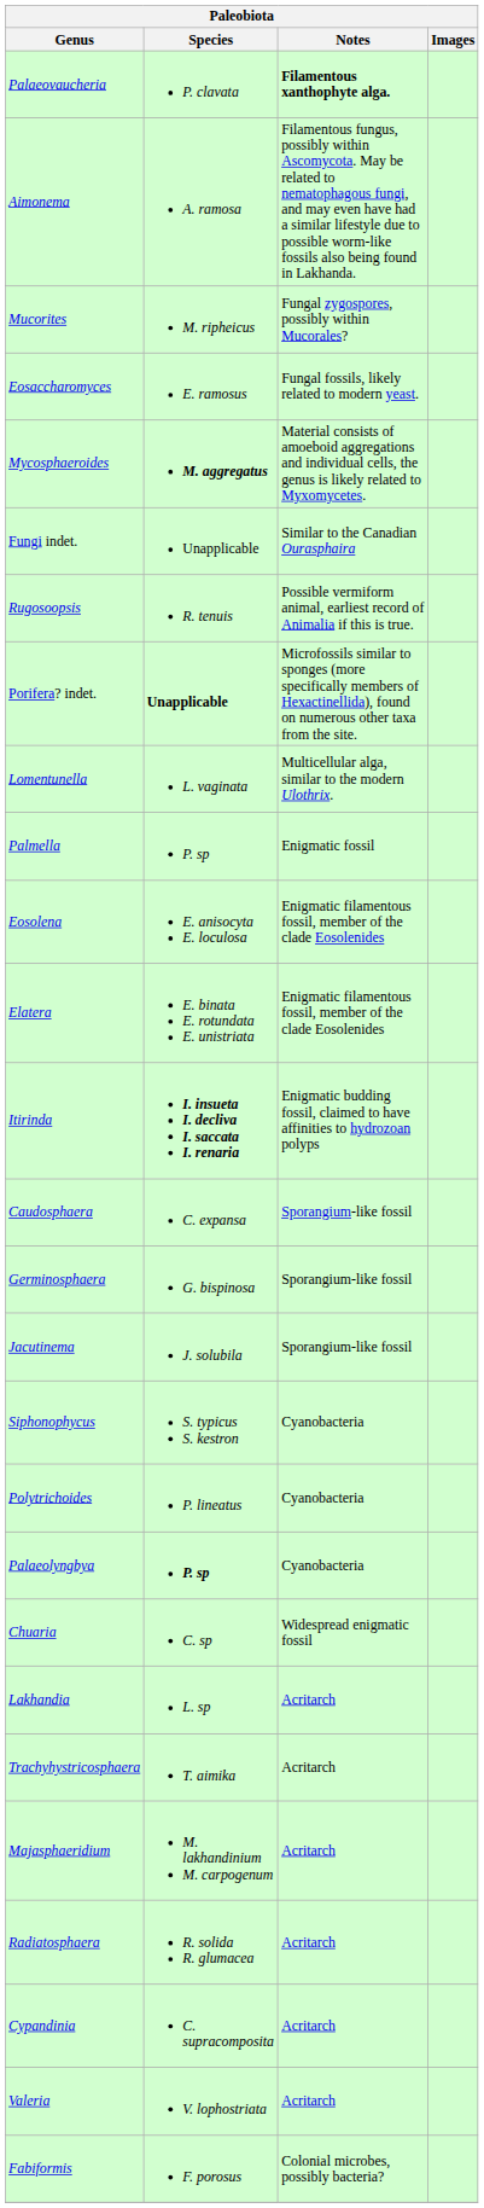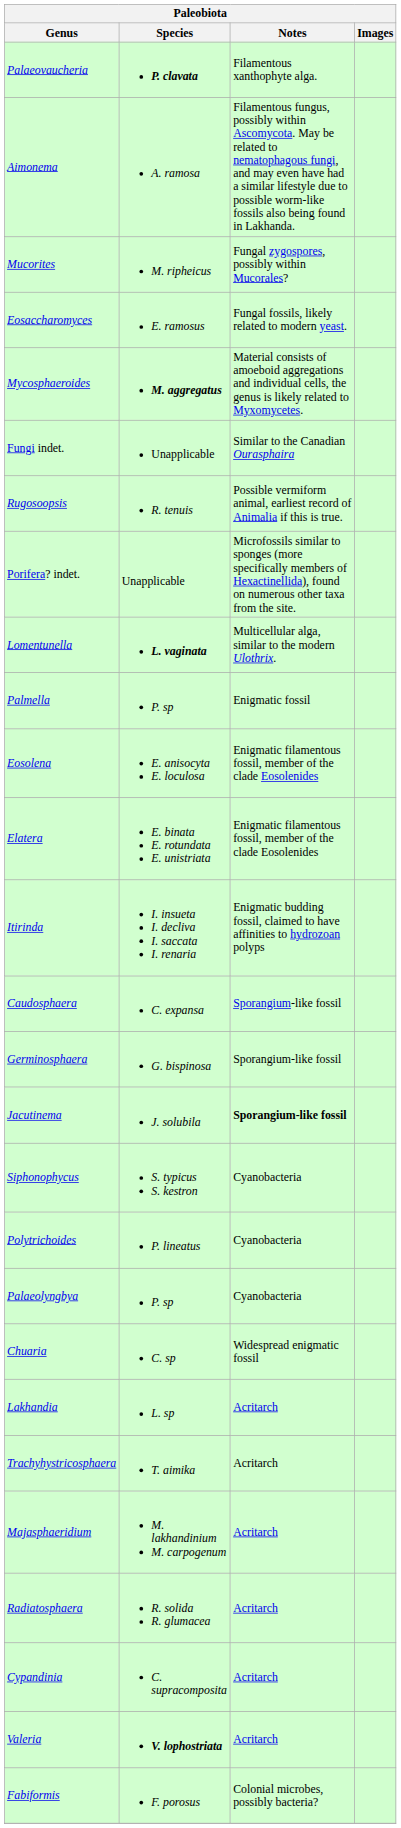 <table class="wikitable sortable" style="background:white; width:60%;">
 <tr>
 <th colspan="5" align="center">Paleobiota</th>
 </tr>
 <tr>
 <th>Genus</th>
 <th>Species</th>
 <th>Notes</th>
 <th>Images</th>
 </tr>
 <tr>
 <td style="background:#D1FFCF;"><em><a href='#'>Palaeovaucheria</a></em></td>
-<td style="background:#D1FFCF;"><br><ul><li><em>P. clavata</em></li></ul></td>
-<td style="background:#D1FFCF;"><strong>Filamentous xanthophyte alga.</strong></td>
+<td style="background:#D1FFCF;"><strong><br><ul><li><em>P. clavata</em></li></ul></strong></td>
+<td style="background:#D1FFCF;">Filamentous xanthophyte alga.</td>
 <td style="background:#D1FFCF;"></td>
 </tr>
 <tr>
 <td style="background:#D1FFCF;"><em><a href='#'>Aimonema</a></em></td>
 <td style="background:#D1FFCF;"><br><ul><li><em>A. ramosa</em></li></ul></td>
 <td style="background:#D1FFCF;">Filamentous fungus, possibly within <a href='#'>Ascomycota</a>. May be related to <a href='#'>nematophagous fungi</a>, and may even have had a similar lifestyle due to possible worm-like fossils also being found in Lakhanda.</td>
 <td style="background:#D1FFCF;"></td>
 </tr>
 <tr>
 <td style="background:#D1FFCF;"><em><a href='#'>Mucorites</a></em></td>
 <td style="background:#D1FFCF;"><br><ul><li><em>M. ripheicus</em></li></ul></td>
 <td style="background:#D1FFCF;">Fungal <a href='#'>zygospores</a>, possibly within <a href='#'>Mucorales</a>?</td>
 <td style="background:#D1FFCF;"></td>
 </tr>
 <tr>
 <td style="background:#D1FFCF;"><em><a href='#'>Eosaccharomyces</a></em></td>
 <td style="background:#D1FFCF;"><br><ul><li><em>E. ramosus</em></li></ul></td>
 <td style="background:#D1FFCF;">Fungal fossils, likely related to modern <a href='#'>yeast</a>.</td>
 <td style="background:#D1FFCF;"></td>
 </tr>
 <tr>
 <td style="background:#D1FFCF;"><em><a href='#'>Mycosphaeroides</a></em></td>
 <td style="background:#D1FFCF;"><strong><br><ul><li><em>M. aggregatus</em></li></ul></strong></td>
 <td style="background:#D1FFCF;">Material consists of amoeboid aggregations and individual cells, the genus is likely related to <a href='#'>Myxomycetes</a>.</td>
 <td style="background:#D1FFCF;"></td>
 </tr>
 <tr>
 <td style="background:#D1FFCF;"><a href='#'>Fungi</a> indet.</td>
 <td style="background:#D1FFCF;"><br><ul><li>Unapplicable</li></ul></td>
 <td style="background:#D1FFCF;">Similar to the Canadian <em><a href='#'>Ourasphaira</a></em></td>
 <td style="background:#D1FFCF;"></td>
 </tr>
 <tr>
 <td style="background:#D1FFCF;"><em><a href='#'>Rugosoopsis</a></em></td>
 <td style="background:#D1FFCF;"><br><ul><li><em>R. tenuis</em></li></ul></td>
 <td style="background:#D1FFCF;">Possible vermiform animal, earliest record of <a href='#'>Animalia</a> if this is true.</td>
 <td style="background:#D1FFCF;"></td>
 </tr>
 <tr>
 <td style="background:#D1FFCF;"><a href='#'>Porifera</a>? indet.</td>
-<td style="background:#D1FFCF;"><strong><br>Unapplicable</strong></td>
+<td style="background:#D1FFCF;"><br>Unapplicable</td>
 <td style="background:#D1FFCF;">Microfossils similar to sponges (more specifically members of <a href='#'>Hexactinellida</a>), found on numerous other taxa from the site.</td>
 <td style="background:#D1FFCF;"></td>
 </tr>
 <tr>
 <td style="background:#D1FFCF;"><em><a href='#'>Lomentunella</a></em></td>
-<td style="background:#D1FFCF;"><br><ul><li><em>L. vaginata</em></li></ul></td>
+<td style="background:#D1FFCF;"><strong><br><ul><li><em>L. vaginata</em></li></ul></strong></td>
 <td style="background:#D1FFCF;">Multicellular alga, similar to the modern <em><a href='#'>Ulothrix</a></em>.</td>
 <td style="background:#D1FFCF;"></td>
 </tr>
 <tr>
 <td style="background:#D1FFCF;"><em><a href='#'>Palmella</a></em></td>
 <td style="background:#D1FFCF;"><br><ul><li><em>P. sp</em></li></ul></td>
 <td style="background:#D1FFCF;">Enigmatic fossil</td>
 <td style="background:#D1FFCF;"></td>
 </tr>
 <tr>
 <td style="background:#D1FFCF;"><em><a href='#'>Eosolena</a></em></td>
 <td style="background:#D1FFCF;"><br><ul><li><em>E. anisocyta</em></li><li><em>E. loculosa</em></li></ul></td>
 <td style="background:#D1FFCF;">Enigmatic filamentous fossil, member of the clade <a href='#'>Eosolenides</a></td>
 <td style="background:#D1FFCF;"></td>
 </tr>
 <tr>
 <td style="background:#D1FFCF;"><em><a href='#'>Elatera</a></em></td>
 <td style="background:#D1FFCF;"><br><ul><li><em>E. binata</em></li><li><em>E. rotundata</em></li><li><em>E. unistriata</em></li></ul></td>
 <td style="background:#D1FFCF;">Enigmatic filamentous fossil, member of the clade Eosolenides</td>
 <td style="background:#D1FFCF;"></td>
 </tr>
 <tr>
 <td style="background:#D1FFCF;"><em><a href='#'>Itirinda</a></em></td>
-<td style="background:#D1FFCF;"><strong><br><ul><li><em>I. insueta</em></li><li><em>I. decliva</em></li><li><em>I. saccata</em></li><li><em>I. renaria</em></li></ul></strong></td>
+<td style="background:#D1FFCF;"><br><ul><li><em>I. insueta</em></li><li><em>I. decliva</em></li><li><em>I. saccata</em></li><li><em>I. renaria</em></li></ul></td>
 <td style="background:#D1FFCF;">Enigmatic budding fossil, claimed to have affinities to <a href='#'>hydrozoan</a> polyps</td>
 <td style="background:#D1FFCF;"></td>
 </tr>
 <tr>
 <td style="background:#D1FFCF;"><em><a href='#'>Caudosphaera</a></em></td>
 <td style="background:#D1FFCF;"><br><ul><li><em>C. expansa</em></li></ul></td>
 <td style="background:#D1FFCF;"><a href='#'>Sporangium</a>-like fossil</td>
 <td style="background:#D1FFCF;"></td>
 </tr>
 <tr>
 <td style="background:#D1FFCF;"><em><a href='#'>Germinosphaera</a></em></td>
 <td style="background:#D1FFCF;"><br><ul><li><em>G. bispinosa</em></li></ul></td>
 <td style="background:#D1FFCF;">Sporangium-like fossil</td>
 <td style="background:#D1FFCF;"></td>
 </tr>
 <tr>
 <td style="background:#D1FFCF;"><em><a href='#'>Jacutinema</a></em></td>
 <td style="background:#D1FFCF;"><br><ul><li><em>J. solubila</em></li></ul></td>
-<td style="background:#D1FFCF;">Sporangium-like fossil</td>
+<td style="background:#D1FFCF;"><strong>Sporangium-like fossil</strong></td>
 <td style="background:#D1FFCF;"></td>
 </tr>
 <tr>
 <td style="background:#D1FFCF;"><em><a href='#'>Siphonophycus</a></em></td>
 <td style="background:#D1FFCF;"><br><ul><li><em>S. typicus</em></li><li><em>S. kestron</em></li></ul></td>
 <td style="background:#D1FFCF;">Cyanobacteria</td>
 <td style="background:#D1FFCF;"></td>
 </tr>
 <tr>
 <td style="background:#D1FFCF;"><em><a href='#'>Polytrichoides</a></em></td>
 <td style="background:#D1FFCF;"><br><ul><li><em>P. lineatus</em></li></ul></td>
 <td style="background:#D1FFCF;">Cyanobacteria</td>
 <td style="background:#D1FFCF;"></td>
 </tr>
 <tr>
 <td style="background:#D1FFCF;"><em><a href='#'>Palaeolyngbya</a></em></td>
-<td style="background:#D1FFCF;"><strong><br><ul><li><em>P. sp</em></li></ul></strong></td>
+<td style="background:#D1FFCF;"><br><ul><li><em>P. sp</em></li></ul></td>
 <td style="background:#D1FFCF;">Cyanobacteria</td>
 <td style="background:#D1FFCF;"></td>
 </tr>
 <tr>
 <td style="background:#D1FFCF;"><em><a href='#'>Chuaria</a></em></td>
 <td style="background:#D1FFCF;"><br><ul><li><em>C. sp</em></li></ul></td>
 <td style="background:#D1FFCF;">Widespread enigmatic fossil</td>
 <td style="background:#D1FFCF;"></td>
 </tr>
 <tr>
 <td style="background:#D1FFCF;"><em><a href='#'>Lakhandia</a></em></td>
 <td style="background:#D1FFCF;"><br><ul><li><em>L. sp</em></li></ul></td>
 <td style="background:#D1FFCF;"><a href='#'>Acritarch</a></td>
 <td style="background:#D1FFCF;"></td>
 </tr>
 <tr>
 <td style="background:#D1FFCF;"><em><a href='#'>Trachyhystricosphaera</a></em></td>
 <td style="background:#D1FFCF;"><br><ul><li><em>T. aimika</em></li></ul></td>
 <td style="background:#D1FFCF;">Acritarch</td>
 <td style="background:#D1FFCF;"></td>
 </tr>
 <tr>
 <td style="background:#D1FFCF;"><em><a href='#'>Majasphaeridium</a></em></td>
 <td style="background:#D1FFCF;"><br><ul><li><em>M. lakhandinium</em></li><li><em>M. carpogenum</em></li></ul></td>
 <td style="background:#D1FFCF;"><a href='#'>Acritarch</a></td>
 <td style="background:#D1FFCF;"></td>
 </tr>
 <tr>
 <td style="background:#D1FFCF;"><em><a href='#'>Radiatosphaera</a></em></td>
 <td style="background:#D1FFCF;"><br><ul><li><em>R. solida</em></li><li><em>R. glumacea</em></li></ul></td>
 <td style="background:#D1FFCF;"><a href='#'>Acritarch</a></td>
 <td style="background:#D1FFCF;"></td>
 </tr>
 <tr>
 <td style="background:#D1FFCF;"><em><a href='#'>Cypandinia</a></em></td>
 <td style="background:#D1FFCF;"><br><ul><li><em>C. supracomposita</em></li></ul></td>
 <td style="background:#D1FFCF;"><a href='#'>Acritarch</a></td>
 <td style="background:#D1FFCF;"></td>
 </tr>
 <tr>
 <td style="background:#D1FFCF;"><em><a href='#'>Valeria</a></em></td>
-<td style="background:#D1FFCF;"><br><ul><li><em>V. lophostriata</em></li></ul></td>
+<td style="background:#D1FFCF;"><strong><br><ul><li><em>V. lophostriata</em></li></ul></strong></td>
 <td style="background:#D1FFCF;"><a href='#'>Acritarch</a></td>
 <td style="background:#D1FFCF;"></td>
 </tr>
 <tr>
 <td style="background:#D1FFCF;"><em><a href='#'>Fabiformis</a></em></td>
 <td style="background:#D1FFCF;"><br><ul><li><em>F. porosus</em></li></ul></td>
 <td style="background:#D1FFCF;">Colonial microbes, possibly bacteria?</td>
 <td style="background:#D1FFCF;"></td>
 </tr>
 <tr>
 </tr>
 </table>
